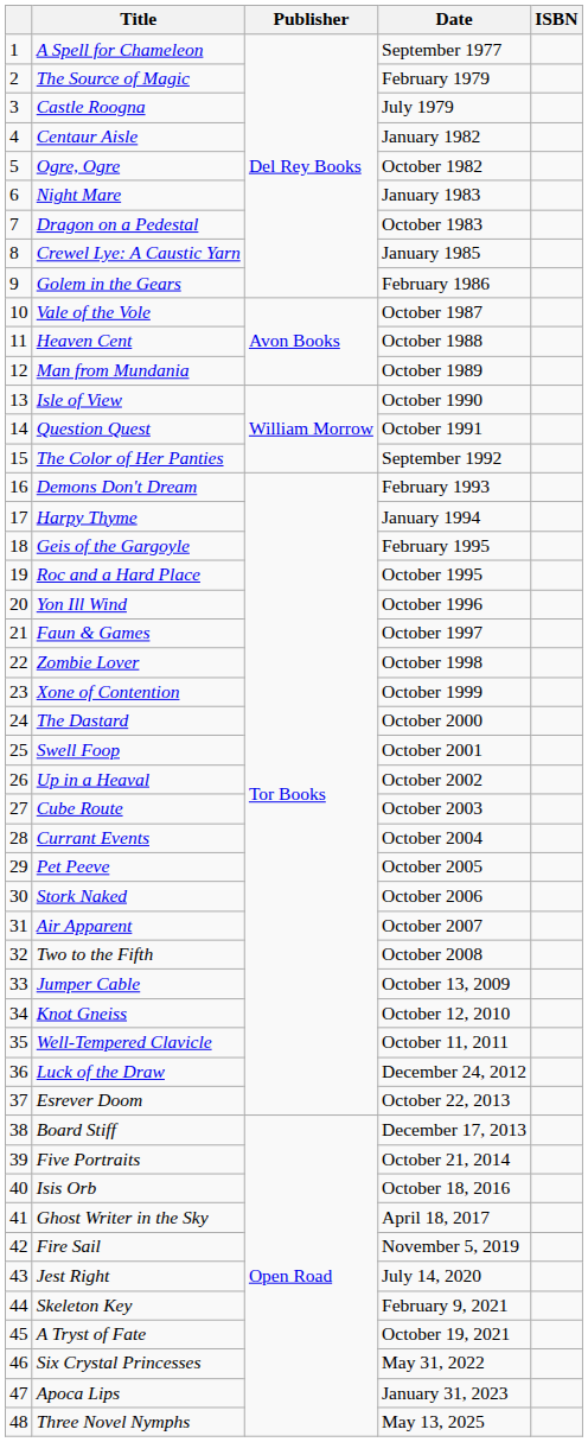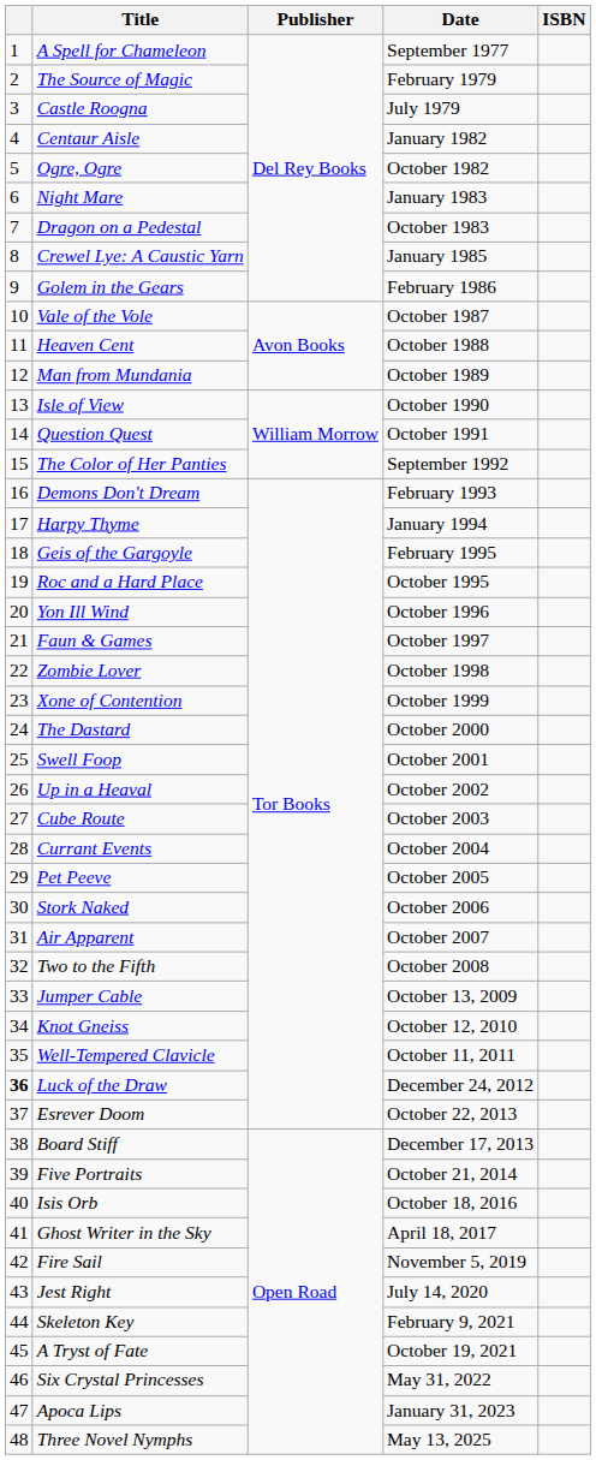 <table class="wikitable">
 <tr>
 <th></th>
 <th>Title</th>
 <th>Publisher</th>
 <th>Date</th>
 <th>ISBN</th>
 </tr>
 <tr>
 <td>1</td>
 <td><em><a href='#'>A Spell for Chameleon</a></em></td>
 <td rowspan="9"><a href='#'>Del Rey Books</a></td>
 <td>September 1977</td>
 <td></td>
 </tr>
 <tr>
 <td>2</td>
 <td><em><a href='#'>The Source of Magic</a></em></td>
 <td>February 1979</td>
 <td></td>
 </tr>
 <tr>
 <td>3</td>
 <td><em><a href='#'>Castle Roogna</a></em></td>
 <td>July 1979</td>
 <td></td>
 </tr>
 <tr>
 <td>4</td>
 <td><em><a href='#'>Centaur Aisle</a></em></td>
 <td>January 1982</td>
 <td></td>
 </tr>
 <tr>
 <td>5</td>
 <td><em><a href='#'>Ogre, Ogre</a></em></td>
 <td>October 1982</td>
 <td></td>
 </tr>
 <tr>
 <td>6</td>
 <td><em><a href='#'>Night Mare</a></em></td>
 <td>January 1983</td>
 <td></td>
 </tr>
 <tr>
 <td>7</td>
 <td><em><a href='#'>Dragon on a Pedestal</a></em></td>
 <td>October 1983</td>
 <td></td>
 </tr>
 <tr>
 <td>8</td>
 <td><em><a href='#'>Crewel Lye: A Caustic Yarn</a></em></td>
 <td>January 1985</td>
 <td></td>
 </tr>
 <tr>
 <td>9</td>
 <td><em><a href='#'>Golem in the Gears</a></em></td>
 <td>February 1986</td>
 <td></td>
 </tr>
 <tr>
 <td>10</td>
 <td><em><a href='#'>Vale of the Vole</a></em></td>
 <td rowspan="3"><a href='#'>Avon Books</a></td>
 <td>October 1987</td>
 <td></td>
 </tr>
 <tr>
 <td>11</td>
 <td><em><a href='#'>Heaven Cent</a></em></td>
 <td>October 1988</td>
 <td></td>
 </tr>
 <tr>
 <td>12</td>
 <td><em><a href='#'>Man from Mundania</a></em></td>
 <td>October 1989</td>
 <td></td>
 </tr>
 <tr>
 <td>13</td>
 <td><em><a href='#'>Isle of View</a></em></td>
 <td rowspan="3"><a href='#'>William Morrow</a></td>
 <td>October 1990</td>
 <td></td>
 </tr>
 <tr>
 <td>14</td>
 <td><em><a href='#'>Question Quest</a></em></td>
 <td>October 1991</td>
 <td></td>
 </tr>
 <tr>
 <td>15</td>
 <td><em><a href='#'>The Color of Her Panties</a></em></td>
 <td>September 1992</td>
 <td></td>
 </tr>
 <tr>
 <td>16</td>
 <td><em><a href='#'>Demons Don't Dream</a></em></td>
 <td rowspan="22"><a href='#'>Tor Books</a></td>
 <td>February 1993</td>
 <td></td>
 </tr>
 <tr>
 <td>17</td>
 <td><em><a href='#'>Harpy Thyme</a></em></td>
 <td>January 1994</td>
 <td></td>
 </tr>
 <tr>
 <td>18</td>
 <td><em><a href='#'>Geis of the Gargoyle</a></em></td>
 <td>February 1995</td>
 <td></td>
 </tr>
 <tr>
 <td>19</td>
 <td><em><a href='#'>Roc and a Hard Place</a></em></td>
 <td>October 1995</td>
 <td></td>
 </tr>
 <tr>
 <td>20</td>
 <td><em><a href='#'>Yon Ill Wind</a></em></td>
 <td>October 1996</td>
 <td></td>
 </tr>
 <tr>
 <td>21</td>
 <td><em><a href='#'>Faun & Games</a></em></td>
 <td>October 1997</td>
 <td></td>
 </tr>
 <tr>
 <td>22</td>
 <td><em><a href='#'>Zombie Lover</a></em></td>
 <td>October 1998</td>
 <td></td>
 </tr>
 <tr>
 <td>23</td>
 <td><em><a href='#'>Xone of Contention</a></em></td>
 <td>October 1999</td>
 <td></td>
 </tr>
 <tr>
 <td>24</td>
 <td><em><a href='#'>The Dastard</a></em></td>
 <td>October 2000</td>
 <td></td>
 </tr>
 <tr>
 <td>25</td>
 <td><em><a href='#'>Swell Foop</a></em></td>
 <td>October 2001</td>
 <td></td>
 </tr>
 <tr>
 <td>26</td>
 <td><em><a href='#'>Up in a Heaval</a></em></td>
 <td>October 2002</td>
 <td></td>
 </tr>
 <tr>
 <td>27</td>
 <td><em><a href='#'>Cube Route</a></em></td>
 <td>October 2003</td>
 <td></td>
 </tr>
 <tr>
 <td>28</td>
 <td><em><a href='#'>Currant Events</a></em></td>
 <td>October 2004</td>
 <td></td>
 </tr>
 <tr>
 <td>29</td>
 <td><em><a href='#'>Pet Peeve</a></em></td>
 <td>October 2005</td>
 <td></td>
 </tr>
 <tr>
 <td>30</td>
 <td><em><a href='#'>Stork Naked</a></em></td>
 <td>October 2006</td>
 <td></td>
 </tr>
 <tr>
 <td>31</td>
 <td><em><a href='#'>Air Apparent</a></em></td>
 <td>October 2007</td>
 <td></td>
 </tr>
 <tr>
 <td>32</td>
 <td><em>Two to the Fifth</em></td>
 <td>October 2008</td>
 <td></td>
 </tr>
 <tr>
 <td>33</td>
 <td><em><a href='#'>Jumper Cable</a></em></td>
 <td>October 13, 2009</td>
 <td></td>
 </tr>
 <tr>
 <td>34</td>
 <td><em><a href='#'>Knot Gneiss</a></em></td>
 <td>October 12, 2010</td>
 <td></td>
 </tr>
 <tr>
 <td>35</td>
 <td><em><a href='#'>Well-Tempered Clavicle</a></em></td>
 <td>October 11, 2011</td>
 <td></td>
 </tr>
 <tr>
-<td>36</td>
+<td><strong>36</strong></td>
 <td><em><a href='#'>Luck of the Draw</a></em></td>
 <td>December 24, 2012</td>
 <td></td>
 </tr>
 <tr>
 <td>37</td>
 <td><em>Esrever Doom</em></td>
 <td>October 22, 2013</td>
 <td></td>
 </tr>
 <tr>
 <td>38</td>
 <td><em>Board Stiff</em></td>
 <td rowspan="11"><a href='#'>Open Road</a></td>
 <td>December 17, 2013</td>
 <td></td>
 </tr>
 <tr>
 <td>39</td>
 <td><em>Five Portraits</em></td>
 <td>October 21, 2014</td>
 <td></td>
 </tr>
 <tr>
 <td>40</td>
 <td><em>Isis Orb</em></td>
 <td>October 18, 2016</td>
 <td></td>
 </tr>
 <tr>
 <td>41</td>
 <td><em>Ghost Writer in the Sky</em></td>
 <td>April 18, 2017</td>
 <td></td>
 </tr>
 <tr>
 <td>42</td>
 <td><em>Fire Sail</em></td>
 <td>November 5, 2019</td>
 <td></td>
 </tr>
 <tr>
 <td>43</td>
 <td><em>Jest Right</em></td>
 <td>July 14, 2020</td>
 <td></td>
 </tr>
 <tr>
 <td>44</td>
 <td><em>Skeleton Key</em></td>
 <td>February 9, 2021</td>
 <td></td>
 </tr>
 <tr>
 <td>45</td>
 <td><em>A Tryst of Fate</em></td>
 <td>October 19, 2021</td>
 <td></td>
 </tr>
 <tr>
 <td>46</td>
 <td><em>Six Crystal Princesses</em></td>
 <td>May 31, 2022</td>
 <td></td>
 </tr>
 <tr>
 <td>47</td>
 <td><em>Apoca Lips</em></td>
 <td>January 31, 2023</td>
 <td></td>
 </tr>
 <tr>
 <td>48</td>
 <td><em>Three Novel Nymphs</em></td>
 <td>May 13, 2025</td>
 <td></td>
 </tr>
 </table>
